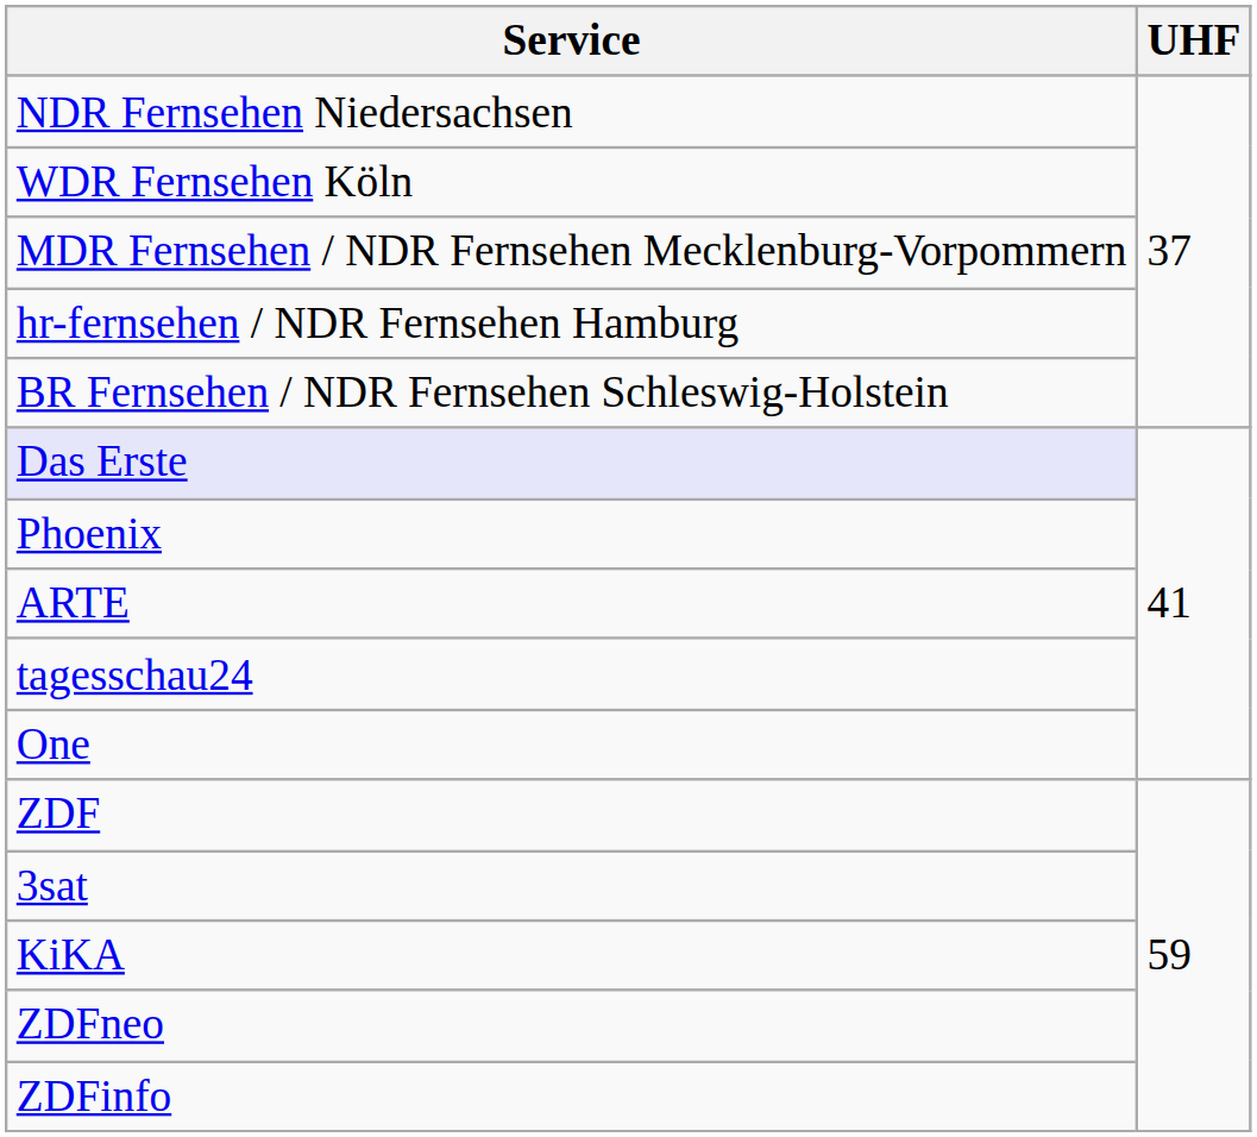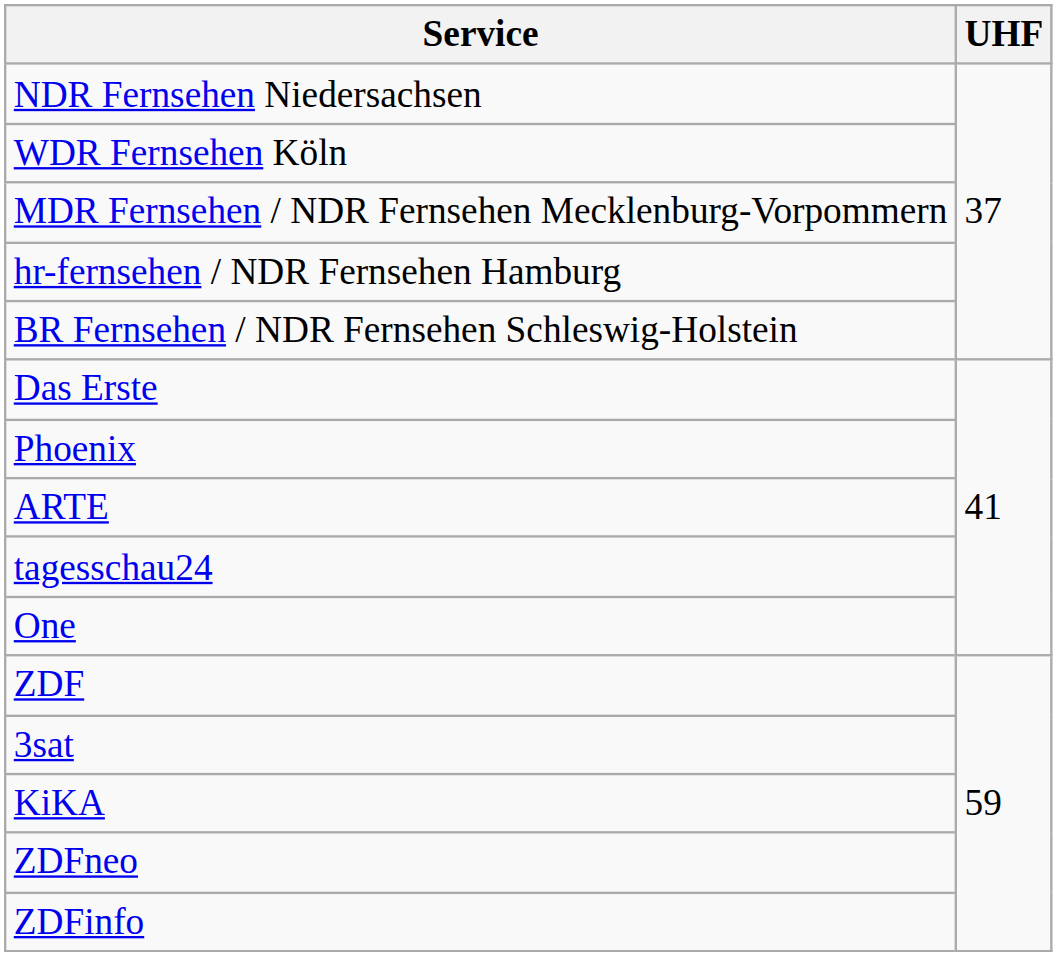 <table class="wikitable">
 <tr>
 <th>Service</th>
 <th>UHF</th>
 </tr>
 <tr>
 <td><a href='#'>NDR Fernsehen</a> Niedersachsen</td>
 <td rowspan="5">37</td>
 </tr>
 <tr>
 <td><a href='#'>WDR Fernsehen</a> Köln</td>
 </tr>
 <tr>
 <td><a href='#'>MDR Fernsehen</a> / NDR Fernsehen Mecklenburg-Vorpommern</td>
 </tr>
 <tr>
 <td><a href='#'>hr-fernsehen</a> / NDR Fernsehen Hamburg</td>
 </tr>
 <tr>
 <td><a href='#'>BR Fernsehen</a> / NDR Fernsehen Schleswig-Holstein</td>
 </tr>
 <tr>
-<td style="background: lavender;"><a href='#'>Das Erste</a></td>
+<td><a href='#'>Das Erste</a></td>
 <td rowspan="5">41</td>
 </tr>
 <tr>
 <td><a href='#'>Phoenix</a></td>
 </tr>
 <tr>
 <td><a href='#'>ARTE</a></td>
 </tr>
 <tr>
 <td><a href='#'>tagesschau24</a></td>
 </tr>
 <tr>
 <td><a href='#'>One</a></td>
 </tr>
 <tr>
 <td><a href='#'>ZDF</a></td>
 <td rowspan="5">59</td>
 </tr>
 <tr>
 <td><a href='#'>3sat</a></td>
 </tr>
 <tr>
 <td><a href='#'>KiKA</a></td>
 </tr>
 <tr>
 <td><a href='#'>ZDFneo</a></td>
 </tr>
 <tr>
 <td><a href='#'>ZDFinfo</a></td>
 </tr>
 </table>
